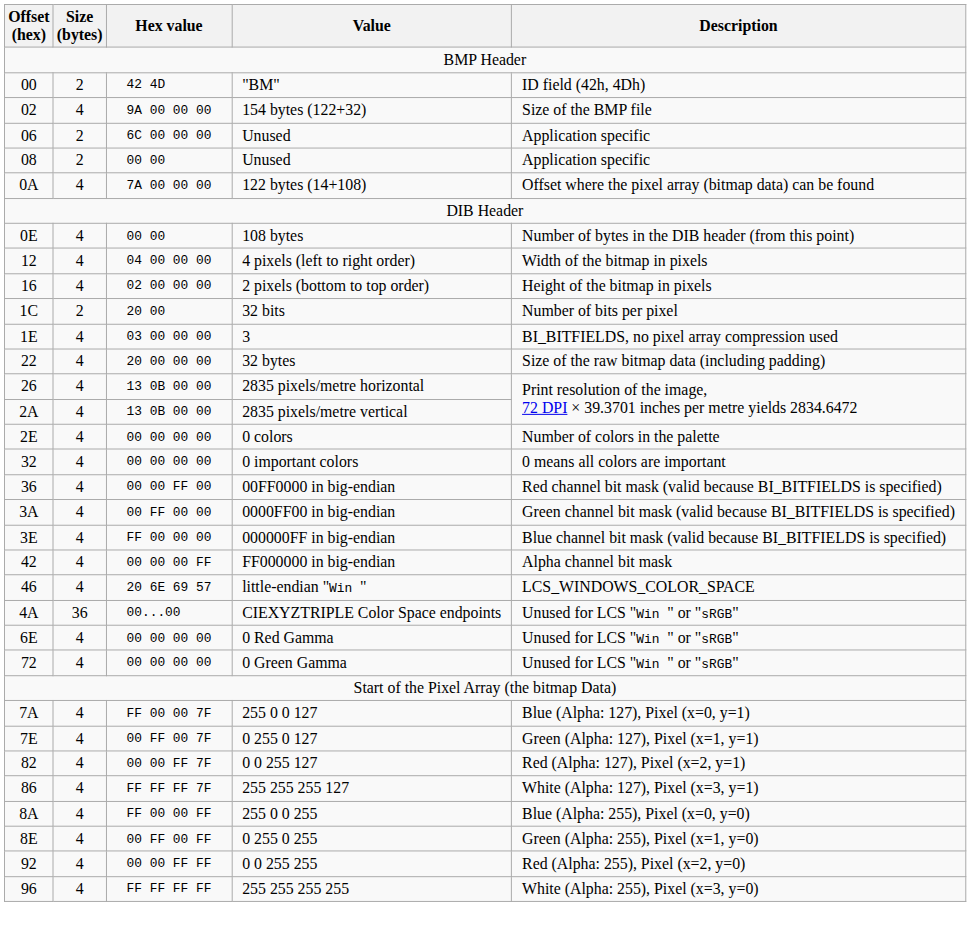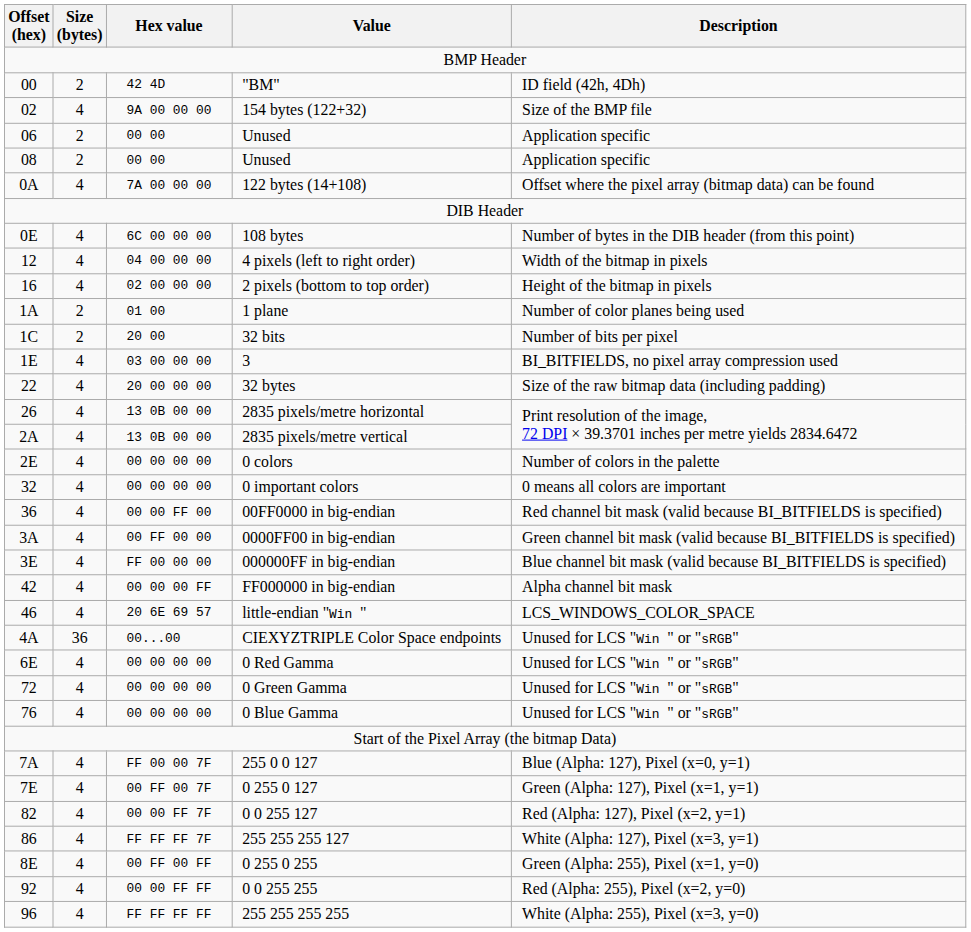 <table class="wikitable">
 <tr>
 <th>Offset<br>(hex)</th>
 <th>Size<br>(bytes)</th>
 <th>Hex value</th>
 <th>Value</th>
 <th>Description</th>
 </tr>
 <tr>
 <td colspan="5" style="text-align: center;">BMP Header</td>
 </tr>
 <tr>
 <td align="center">00</td>
 <td align="center">2</td>
 <td style="padding: 0px 20px; white-space: nowrap; font-family:monospace;">42 4D</td>
 <td style="padding: 0px 10px">"BM"</td>
 <td style="padding: 0px 10px">ID field (42h, 4Dh)</td>
 </tr>
 <tr>
 <td align="center">02</td>
 <td align="center">4</td>
 <td style="padding: 0px 20px; white-space: nowrap; font-family:monospace;">9A 00 00 00</td>
 <td style="padding: 0px 10px">154 bytes (122+32)</td>
 <td style="padding: 0px 10px">Size of the BMP file</td>
 </tr>
 <tr>
 <td align="center">06</td>
 <td align="center">2</td>
-<td style="padding: 0px 20px; white-space: nowrap; font-family:monospace;">6C 00 00 00</td>
+<td style="padding: 0px 20px; white-space: nowrap; font-family:monospace;">00 00</td>
 <td style="padding: 0px 10px">Unused</td>
 <td style="padding: 0px 10px">Application specific</td>
 </tr>
 <tr>
 <td align="center">08</td>
 <td align="center">2</td>
 <td style="padding: 0px 20px; white-space: nowrap; font-family:monospace;">00 00</td>
 <td style="padding: 0px 10px">Unused</td>
 <td style="padding: 0px 10px">Application specific</td>
 </tr>
 <tr>
 <td align="center">0A</td>
 <td align="center">4</td>
 <td style="padding: 0px 20px; white-space: nowrap; font-family:monospace;">7A 00 00 00</td>
 <td style="padding: 0px 10px">122 bytes (14+108)</td>
 <td style="padding: 0px 10px">Offset where the pixel array (bitmap data) can be found</td>
 </tr>
 <tr>
 <td colspan="5" style="text-align: center;">DIB Header</td>
 </tr>
 <tr>
 <td align="center">0E</td>
 <td align="center">4</td>
-<td style="padding: 0px 20px; white-space: nowrap; font-family:monospace;">00 00</td>
+<td style="padding: 0px 20px; white-space: nowrap; font-family:monospace;">6C 00 00 00</td>
 <td style="padding: 0px 10px">108 bytes</td>
 <td style="padding: 0px 10px">Number of bytes in the DIB header (from this point)</td>
 </tr>
 <tr>
 <td align="center">12</td>
 <td align="center">4</td>
 <td style="padding: 0px 20px; white-space: nowrap; font-family:monospace;">04 00 00 00</td>
 <td style="padding: 0px 10px">4 pixels (left to right order)</td>
 <td style="padding: 0px 10px">Width of the bitmap in pixels</td>
 </tr>
 <tr>
 <td align="center">16</td>
 <td align="center">4</td>
 <td style="padding: 0px 20px; white-space: nowrap; font-family:monospace;">02 00 00 00</td>
 <td style="padding: 0px 10px">2 pixels (bottom to top order)</td>
 <td style="padding: 0px 10px">Height of the bitmap in pixels</td>
+</tr>
+<tr>
+<td align="center">1A</td>
+<td align="center">2</td>
+<td style="padding: 0px 20px; white-space: nowrap; font-family:monospace;">01 00</td>
+<td style="padding: 0px 10px">1 plane</td>
+<td style="padding: 0px 10px">Number of color planes being used</td>
 </tr>
 <tr>
 <td align="center">1C</td>
 <td align="center">2</td>
 <td style="padding: 0px 20px; white-space: nowrap; font-family:monospace;">20 00</td>
 <td style="padding: 0px 10px">32 bits</td>
 <td style="padding: 0px 10px">Number of bits per pixel</td>
 </tr>
 <tr>
 <td align="center">1E</td>
 <td align="center">4</td>
 <td style="padding: 0px 20px; white-space: nowrap; font-family:monospace;">03 00 00 00</td>
 <td style="padding: 0px 10px">3</td>
 <td style="padding: 0px 10px">BI_BITFIELDS, no pixel array compression used</td>
 </tr>
 <tr>
 <td align="center">22</td>
 <td align="center">4</td>
 <td style="padding: 0px 20px; white-space: nowrap; font-family:monospace;">20 00 00 00</td>
 <td style="padding: 0px 10px">32 bytes</td>
 <td style="padding: 0px 10px">Size of the raw bitmap data (including padding)</td>
 </tr>
 <tr>
 <td align="center">26</td>
 <td align="center">4</td>
 <td style="padding: 0px 20px; white-space: nowrap; font-family:monospace;">13 0B 00 00</td>
 <td style="padding: 0px 10px">2835 pixels/metre horizontal</td>
 <td style="padding: 0px 10px" rowspan="2">Print resolution of the image,<br> <a href='#'>72 DPI</a> × 39.3701 inches per metre yields 2834.6472</td>
 </tr>
 <tr>
 <td align="center">2A</td>
 <td align="center">4</td>
 <td style="padding: 0px 20px; white-space: nowrap; font-family:monospace;">13 0B 00 00</td>
 <td style="padding: 0px 10px">2835 pixels/metre vertical</td>
 </tr>
 <tr>
 <td align="center">2E</td>
 <td align="center">4</td>
 <td style="padding: 0px 20px; white-space: nowrap; font-family:monospace;">00 00 00 00</td>
 <td style="padding: 0px 10px">0 colors</td>
 <td style="padding: 0px 10px">Number of colors in the palette</td>
 </tr>
 <tr>
 <td align="center">32</td>
 <td align="center">4</td>
 <td style="padding: 0px 20px; white-space: nowrap; font-family:monospace;">00 00 00 00</td>
 <td style="padding: 0px 10px">0 important colors</td>
 <td style="padding: 0px 10px">0 means all colors are important</td>
 </tr>
 <tr>
 <td align="center">36</td>
 <td align="center">4</td>
 <td style="padding: 0px 20px; white-space: nowrap; font-family:monospace;">00 00 FF 00</td>
 <td style="padding: 0px 10px">00FF0000 in big-endian</td>
 <td style="padding: 0px 10px">Red channel bit mask (valid because BI_BITFIELDS is specified)</td>
 </tr>
 <tr>
 <td align="center">3A</td>
 <td align="center">4</td>
 <td style="padding: 0px 20px; white-space: nowrap; font-family:monospace;">00 FF 00 00</td>
 <td style="padding: 0px 10px">0000FF00 in big-endian</td>
 <td style="padding: 0px 10px">Green channel bit mask (valid because BI_BITFIELDS is specified)</td>
 </tr>
 <tr>
 <td align="center">3E</td>
 <td align="center">4</td>
 <td style="padding: 0px 20px; white-space: nowrap; font-family:monospace;">FF 00 00 00</td>
 <td style="padding: 0px 10px">000000FF in big-endian</td>
 <td style="padding: 0px 10px">Blue channel bit mask (valid because BI_BITFIELDS is specified)</td>
 </tr>
 <tr>
 <td align="center">42</td>
 <td align="center">4</td>
 <td style="padding: 0px 20px; white-space: nowrap; font-family:monospace;">00 00 00 FF</td>
 <td style="padding: 0px 10px">FF000000 in big-endian</td>
 <td style="padding: 0px 10px">Alpha channel bit mask</td>
 </tr>
 <tr>
 <td align="center">46</td>
 <td align="center">4</td>
 <td style="padding: 0px 20px; white-space: nowrap; font-family:monospace;">20 6E 69 57</td>
 <td style="padding: 0px 10px">little-endian "<code>Win </code>"</td>
 <td style="padding: 0px 10px">LCS_WINDOWS_COLOR_SPACE</td>
 </tr>
 <tr>
 <td align="center">4A</td>
 <td align="center">36</td>
 <td style="padding: 0px 20px; white-space: nowrap; font-family:monospace;">00...00</td>
 <td style="padding: 0px 10px">CIEXYZTRIPLE Color Space endpoints</td>
 <td style="padding: 0px 10px">Unused for LCS "<code>Win </code>" or "<code>sRGB</code>"</td>
 </tr>
 <tr>
 <td align="center">6E</td>
 <td align="center">4</td>
 <td style="padding: 0px 20px; white-space: nowrap; font-family:monospace;">00 00 00 00</td>
 <td style="padding: 0px 10px">0 Red Gamma</td>
 <td style="padding: 0px 10px">Unused for LCS "<code>Win </code>" or "<code>sRGB</code>"</td>
 </tr>
 <tr>
 <td align="center">72</td>
 <td align="center">4</td>
 <td style="padding: 0px 20px; white-space: nowrap; font-family:monospace;">00 00 00 00</td>
 <td style="padding: 0px 10px">0 Green Gamma</td>
 <td style="padding: 0px 10px">Unused for LCS "<code>Win </code>" or "<code>sRGB</code>"</td>
 </tr>
 <tr>
+<td align="center">76</td>
+<td align="center">4</td>
+<td style="padding: 0px 20px; white-space: nowrap; font-family:monospace;">00 00 00 00</td>
+<td style="padding: 0px 10px">0 Blue Gamma</td>
+<td style="padding: 0px 10px">Unused for LCS "<code>Win </code>" or "<code>sRGB</code>"</td>
+</tr>
+<tr>
 <td colspan="5" align="center">Start of the Pixel Array (the bitmap Data)</td>
 </tr>
 <tr>
 <td align="center">7A</td>
 <td align="center">4</td>
 <td style="padding: 0px 20px; white-space: nowrap; font-family:monospace;">FF 00 00 7F</td>
 <td style="padding: 0px 10px">255 0 0 127</td>
 <td style="padding: 0px 10px">Blue (Alpha: 127), Pixel (x=0, y=1)</td>
 </tr>
 <tr>
 <td align="center">7E</td>
 <td align="center">4</td>
 <td style="padding: 0px 20px; white-space: nowrap; font-family:monospace;">00 FF 00 7F</td>
 <td style="padding: 0px 10px">0 255 0 127</td>
 <td style="padding: 0px 10px">Green (Alpha: 127), Pixel (x=1, y=1)</td>
 </tr>
 <tr>
 <td align="center">82</td>
 <td align="center">4</td>
 <td style="padding: 0px 20px; white-space: nowrap; font-family:monospace;">00 00 FF 7F</td>
 <td style="padding: 0px 10px">0 0 255 127</td>
 <td style="padding: 0px 10px">Red (Alpha: 127), Pixel (x=2, y=1)</td>
 </tr>
 <tr>
 <td align="center">86</td>
 <td align="center">4</td>
 <td style="padding: 0px 20px; white-space: nowrap; font-family:monospace;">FF FF FF 7F</td>
 <td style="padding: 0px 10px">255 255 255 127</td>
 <td style="padding: 0px 10px">White (Alpha: 127), Pixel (x=3, y=1)</td>
 </tr>
 <tr>
-<td align="center">8A</td>
-<td align="center">4</td>
-<td style="padding: 0px 20px; white-space: nowrap; font-family:monospace;">FF 00 00 FF</td>
-<td style="padding: 0px 10px">255 0 0 255</td>
-<td style="padding: 0px 10px">Blue (Alpha: 255), Pixel (x=0, y=0)</td>
-</tr>
-<tr>
 <td align="center">8E</td>
 <td align="center">4</td>
 <td style="padding: 0px 20px; white-space: nowrap; font-family:monospace;">00 FF 00 FF</td>
 <td style="padding: 0px 10px">0 255 0 255</td>
 <td style="padding: 0px 10px">Green (Alpha: 255), Pixel (x=1, y=0)</td>
 </tr>
 <tr>
 <td align="center">92</td>
 <td align="center">4</td>
 <td style="padding: 0px 20px; white-space: nowrap; font-family:monospace;">00 00 FF FF</td>
 <td style="padding: 0px 10px">0 0 255 255</td>
 <td style="padding: 0px 10px">Red (Alpha: 255), Pixel (x=2, y=0)</td>
 </tr>
 <tr>
 <td align="center">96</td>
 <td align="center">4</td>
 <td style="padding: 0px 20px; white-space: nowrap; font-family:monospace;">FF FF FF FF</td>
 <td style="padding: 0px 10px">255 255 255 255</td>
 <td style="padding: 0px 10px">White (Alpha: 255), Pixel (x=3, y=0)</td>
 </tr>
 </table>
